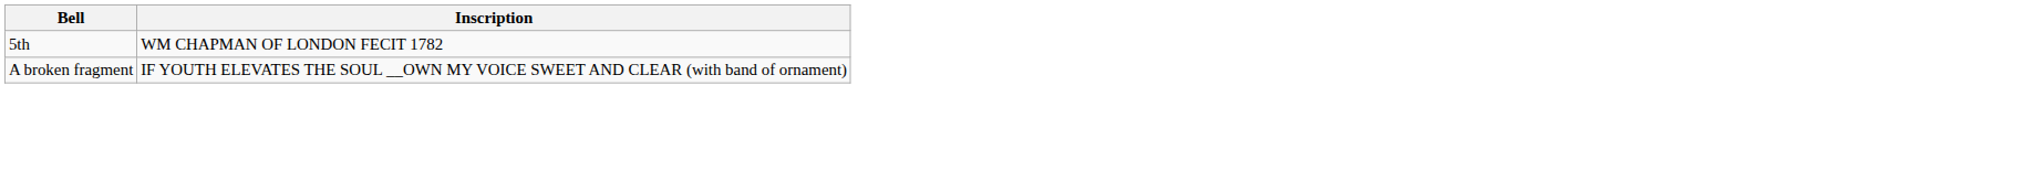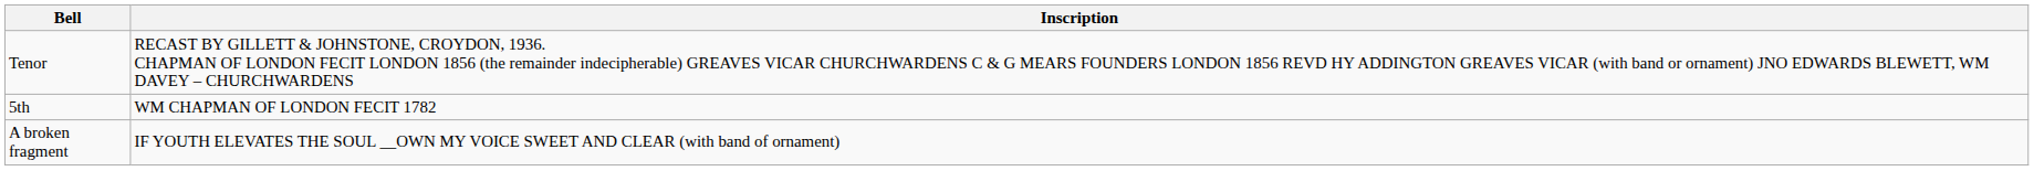 <table class="wikitable">
 <tr>
 <th>Bell</th>
 <th>Inscription</th>
+</tr>
+<tr>
+<td>Tenor</td>
+<td>RECAST BY GILLETT & JOHNSTONE, CROYDON, 1936.<br>CHAPMAN OF LONDON FECIT LONDON 1856 (the remainder indecipherable) GREAVES VICAR CHURCHWARDENS C & G MEARS FOUNDERS LONDON 1856 REVD HY ADDINGTON GREAVES VICAR (with band or ornament) JNO EDWARDS BLEWETT, WM DAVEY – CHURCHWARDENS</td>
 </tr>
 <tr>
 <td>5th</td>
 <td>WM CHAPMAN OF LONDON FECIT 1782</td>
 </tr>
 <tr>
 <td>A broken fragment</td>
 <td>IF YOUTH ELEVATES THE SOUL __OWN MY VOICE SWEET AND CLEAR (with band of ornament)</td>
 </tr>
 </table>
